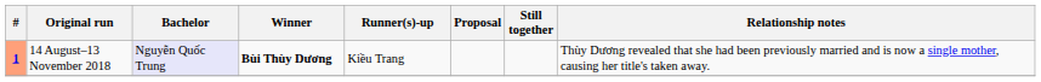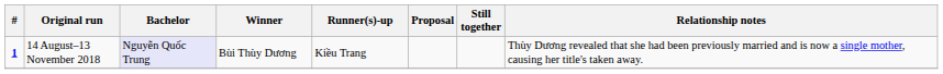 <table class="wikitable plainrowheaders" style="font-size:95%;">
 <tr>
 <th scope="col" width=2%>#</th>
 <th scope="col" width=10%>Original run</th>
 <th scope="col" width=10%>Bachelor</th>
 <th scope="col" width=10%>Winner</th>
 <th scope="col" width=10%>Runner(s)-up</th>
 <th scope="col" width=3%>Proposal</th>
 <th scope="col" width=5%>Still together</th>
 <th scope="col" width=45%>Relationship notes</th>
 </tr>
 <tr>
-<td style="background: lightsalmon; text-align:center;"><strong><a href='#'>1</a></strong></td>
+<td style="text-align:center;"><strong><a href='#'>1</a></strong></td>
 <td>14 August–13 November 2018</td>
 <td style="background: lavender;">Nguyễn Quốc Trung</td>
-<td><strong>Bùi Thùy Dương</strong></td>
+<td>Bùi Thùy Dương</td>
 <td>Kiều Trang</td>
 <td></td>
 <td></td>
 <td>Thùy Dương revealed that she had been previously married and is now a <a href='#'>single mother</a>, causing her title's taken away.</td>
 </tr>
 <tr>
 </tr>
 </table>
